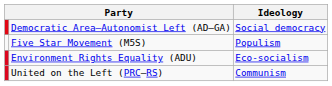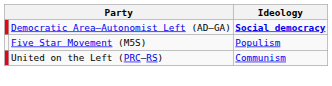 <table class=wikitable style=text-align:left>
 <tr>
 <th colspan=2>Party</th>
 <th>Ideology</th>
 </tr>
 <tr>
 <td style="background-color:#e30613"></td>
 <td><a href='#'>Democratic Area–Autonomist Left</a> (AD–GA)</td>
-<td><a href='#'>Social democracy</a></td>
+<td><strong><a href='#'>Social democracy</a></strong></td>
 </tr>
 <tr>
 <td style="background-color:"></td>
 <td><a href='#'>Five Star Movement</a> (M5S)</td>
 <td><a href='#'>Populism</a></td>
 </tr>
 <tr>
 <td style="background-color:#dd061f"></td>
-<td><a href='#'>Environment Rights Equality</a> (ADU)</td>
-<td><a href='#'>Eco-socialism</a></td>
-</tr>
-<tr>
-<td style="background-color:#dd061f"></td>
 <td>United on the Left (<a href='#'>PRC</a>–<a href='#'>RS</a>)</td>
 <td><a href='#'>Communism</a></td>
 </tr>
 </table>
